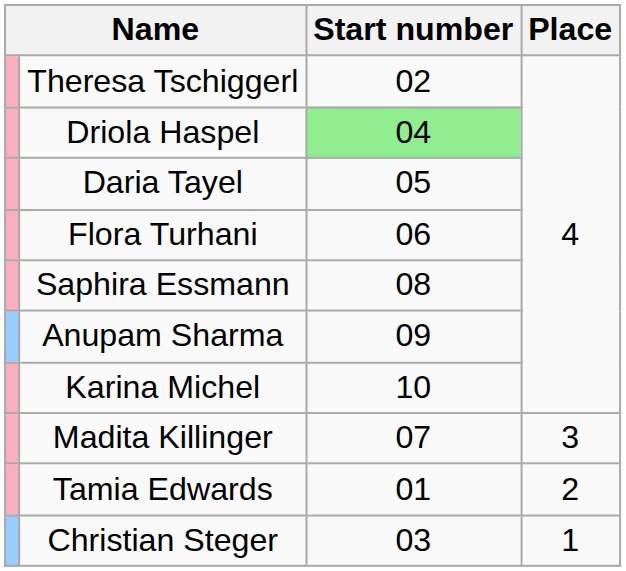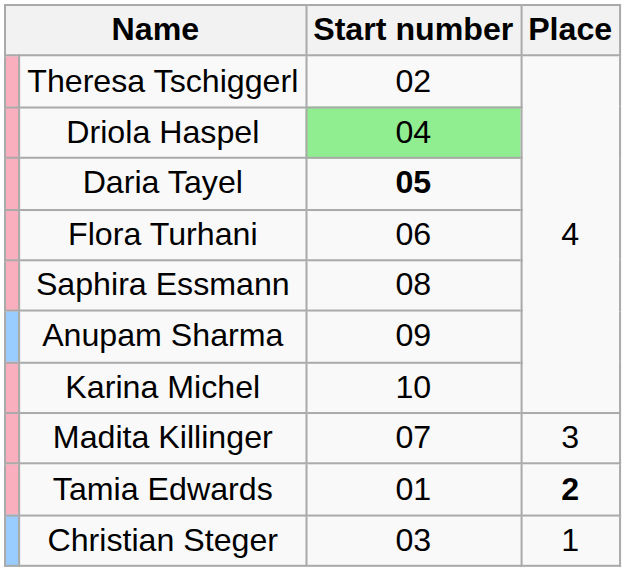 <table class="wikitable sortable" style="text-align:center">
 <tr>
 <th colspan=2>Name</th>
 <th>Start number</th>
 <th>Place</th>
 </tr>
 <tr>
 <td style="background:#faafbe"></td>
 <td>Theresa Tschiggerl</td>
 <td>02</td>
 <td rowspan=7>4</td>
 </tr>
 <tr>
 <td style="background:#faafbe"></td>
 <td>Driola Haspel</td>
 <td style="background: lightgreen;">04</td>
 </tr>
 <tr>
 <td style="background:#faafbe"></td>
 <td>Daria Tayel</td>
-<td>05</td>
+<td><strong>05</strong></td>
 </tr>
 <tr>
 <td style="background:#faafbe"></td>
 <td>Flora Turhani</td>
 <td>06</td>
 </tr>
 <tr>
 <td style="background:#faafbe"></td>
 <td>Saphira Essmann</td>
 <td>08</td>
 </tr>
 <tr>
 <td style="background:#9cf;"></td>
 <td>Anupam Sharma</td>
 <td>09</td>
 </tr>
 <tr>
 <td style="background:#faafbe"></td>
 <td>Karina Michel</td>
 <td>10</td>
 </tr>
 <tr>
 <td style="background:#faafbe"></td>
 <td>Madita Killinger</td>
 <td>07</td>
 <td>3</td>
 </tr>
 <tr>
 <td style="background:#faafbe"></td>
 <td>Tamia Edwards</td>
 <td>01</td>
-<td>2</td>
+<td><strong>2</strong></td>
 </tr>
 <tr>
 <td style="background:#9cf;"></td>
 <td>Christian Steger</td>
 <td>03</td>
 <td>1</td>
 </tr>
 </table>
